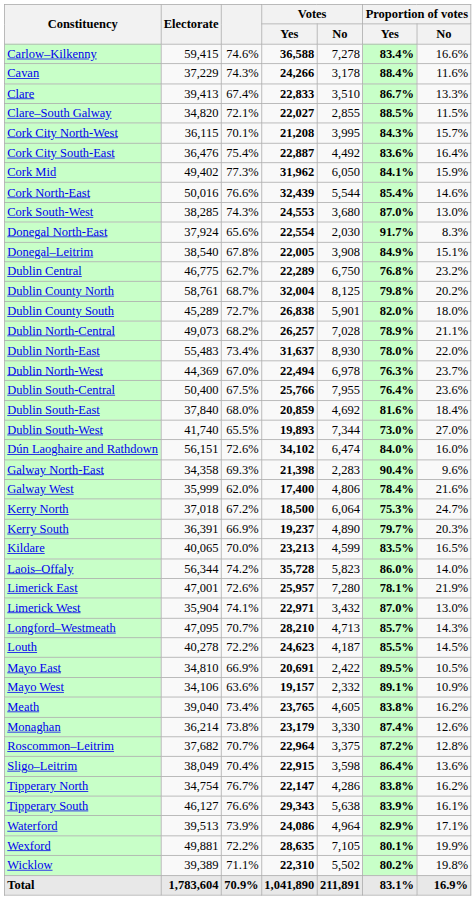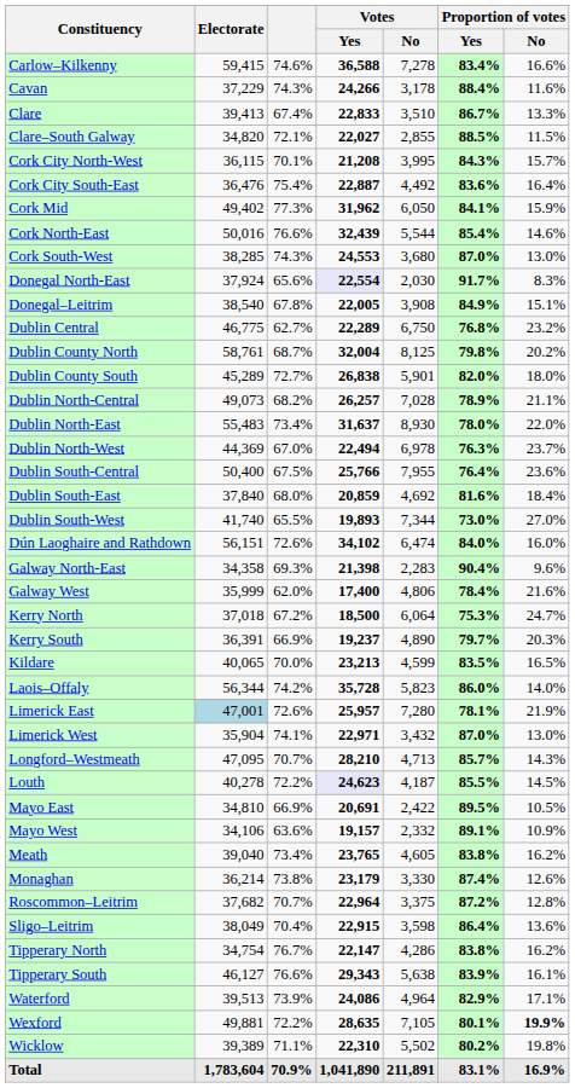 <table class="wikitable sortable">
 <tr>
 <th rowspan=2>Constituency</th>
 <th rowspan=2>Electorate</th>
 <th rowspan=2></th>
 <th colspan=2>Votes</th>
 <th colspan=2>Proportion of votes</th>
 </tr>
 <tr>
 <th>Yes</th>
 <th>No</th>
 <th>Yes</th>
 <th>No</th>
 </tr>
 <tr>
 <td style="background:#c8ffc8;"><a href='#'>Carlow–Kilkenny</a></td>
 <td style="text-align: right;">59,415</td>
 <td style="text-align: right;">74.6%</td>
 <td style="text-align: right;"><strong>36,588</strong></td>
 <td style="text-align: right;">7,278</td>
 <td style="text-align: right; background:#c8ffc8;"><strong>83.4%</strong></td>
 <td style="text-align: right;">16.6%</td>
 </tr>
 <tr>
 <td style="background:#c8ffc8;"><a href='#'>Cavan</a></td>
 <td style="text-align: right;">37,229</td>
 <td style="text-align: right;">74.3%</td>
 <td style="text-align: right;"><strong>24,266</strong></td>
 <td style="text-align: right;">3,178</td>
 <td style="text-align: right; background:#c8ffc8;"><strong>88.4%</strong></td>
 <td style="text-align: right;">11.6%</td>
 </tr>
 <tr>
 <td style="background:#c8ffc8;"><a href='#'>Clare</a></td>
 <td style="text-align: right;">39,413</td>
 <td style="text-align: right;">67.4%</td>
 <td style="text-align: right;"><strong>22,833</strong></td>
 <td style="text-align: right;">3,510</td>
 <td style="text-align: right; background:#c8ffc8;"><strong>86.7%</strong></td>
 <td style="text-align: right;">13.3%</td>
 </tr>
 <tr>
 <td style="background:#c8ffc8;"><a href='#'>Clare–South Galway</a></td>
 <td style="text-align: right;">34,820</td>
 <td style="text-align: right;">72.1%</td>
 <td style="text-align: right;"><strong>22,027</strong></td>
 <td style="text-align: right;">2,855</td>
 <td style="text-align: right; background:#c8ffc8;"><strong>88.5%</strong></td>
 <td style="text-align: right;">11.5%</td>
 </tr>
 <tr>
 <td style="background:#c8ffc8;"><a href='#'>Cork City North-West</a></td>
 <td style="text-align: right;">36,115</td>
 <td style="text-align: right;">70.1%</td>
 <td style="text-align: right;"><strong>21,208</strong></td>
 <td style="text-align: right;">3,995</td>
 <td style="text-align: right; background:#c8ffc8;"><strong>84.3%</strong></td>
 <td style="text-align: right;">15.7%</td>
 </tr>
 <tr>
 <td style="background:#c8ffc8;"><a href='#'>Cork City South-East</a></td>
 <td style="text-align: right;">36,476</td>
 <td style="text-align: right;">75.4%</td>
 <td style="text-align: right;"><strong>22,887</strong></td>
 <td style="text-align: right;">4,492</td>
 <td style="text-align: right; background:#c8ffc8;"><strong>83.6%</strong></td>
 <td style="text-align: right;">16.4%</td>
 </tr>
 <tr>
 <td style="background:#c8ffc8;"><a href='#'>Cork Mid</a></td>
 <td style="text-align: right;">49,402</td>
 <td style="text-align: right;">77.3%</td>
 <td style="text-align: right;"><strong>31,962</strong></td>
 <td style="text-align: right;">6,050</td>
 <td style="text-align: right; background:#c8ffc8;"><strong>84.1%</strong></td>
 <td style="text-align: right;">15.9%</td>
 </tr>
 <tr>
 <td style="background:#c8ffc8;"><a href='#'>Cork North-East</a></td>
 <td style="text-align: right;">50,016</td>
 <td style="text-align: right;">76.6%</td>
 <td style="text-align: right;"><strong>32,439</strong></td>
 <td style="text-align: right;">5,544</td>
 <td style="text-align: right; background:#c8ffc8;"><strong>85.4%</strong></td>
 <td style="text-align: right;">14.6%</td>
 </tr>
 <tr>
 <td style="background:#c8ffc8;"><a href='#'>Cork South-West</a></td>
 <td style="text-align: right;">38,285</td>
 <td style="text-align: right;">74.3%</td>
 <td style="text-align: right;"><strong>24,553</strong></td>
 <td style="text-align: right;">3,680</td>
 <td style="text-align: right; background:#c8ffc8;"><strong>87.0%</strong></td>
 <td style="text-align: right;">13.0%</td>
 </tr>
 <tr>
 <td style="background:#c8ffc8;"><a href='#'>Donegal North-East</a></td>
 <td style="text-align: right;">37,924</td>
 <td style="text-align: right;">65.6%</td>
-<td style="text-align: right;"><strong>22,554</strong></td>
+<td style="background: lavender; text-align: right;"><strong>22,554</strong></td>
 <td style="text-align: right;">2,030</td>
 <td style="text-align: right; background:#c8ffc8;"><strong>91.7%</strong></td>
 <td style="text-align: right;">8.3%</td>
 </tr>
 <tr>
 <td style="background:#c8ffc8;"><a href='#'>Donegal–Leitrim</a></td>
 <td style="text-align: right;">38,540</td>
 <td style="text-align: right;">67.8%</td>
 <td style="text-align: right;"><strong>22,005</strong></td>
 <td style="text-align: right;">3,908</td>
 <td style="text-align: right; background:#c8ffc8;"><strong>84.9%</strong></td>
 <td style="text-align: right;">15.1%</td>
 </tr>
 <tr>
 <td style="background:#c8ffc8;"><a href='#'>Dublin Central</a></td>
 <td style="text-align: right;">46,775</td>
 <td style="text-align: right;">62.7%</td>
 <td style="text-align: right;"><strong>22,289</strong></td>
 <td style="text-align: right;">6,750</td>
 <td style="text-align: right; background:#c8ffc8;"><strong>76.8%</strong></td>
 <td style="text-align: right;">23.2%</td>
 </tr>
 <tr>
 <td style="background:#c8ffc8;"><a href='#'>Dublin County North</a></td>
 <td style="text-align: right;">58,761</td>
 <td style="text-align: right;">68.7%</td>
 <td style="text-align: right;"><strong>32,004</strong></td>
 <td style="text-align: right;">8,125</td>
 <td style="text-align: right; background:#c8ffc8;"><strong>79.8%</strong></td>
 <td style="text-align: right;">20.2%</td>
 </tr>
 <tr>
 <td style="background:#c8ffc8;"><a href='#'>Dublin County South</a></td>
 <td style="text-align: right;">45,289</td>
 <td style="text-align: right;">72.7%</td>
 <td style="text-align: right;"><strong>26,838</strong></td>
 <td style="text-align: right;">5,901</td>
 <td style="text-align: right; background:#c8ffc8;"><strong>82.0%</strong></td>
 <td style="text-align: right;">18.0%</td>
 </tr>
 <tr>
 <td style="background:#c8ffc8;"><a href='#'>Dublin North-Central</a></td>
 <td style="text-align: right;">49,073</td>
 <td style="text-align: right;">68.2%</td>
 <td style="text-align: right;"><strong>26,257</strong></td>
 <td style="text-align: right;">7,028</td>
 <td style="text-align: right; background:#c8ffc8;"><strong>78.9%</strong></td>
 <td style="text-align: right;">21.1%</td>
 </tr>
 <tr>
 <td style="background:#c8ffc8;"><a href='#'>Dublin North-East</a></td>
 <td style="text-align: right;">55,483</td>
 <td style="text-align: right;">73.4%</td>
 <td style="text-align: right;"><strong>31,637</strong></td>
 <td style="text-align: right;">8,930</td>
 <td style="text-align: right; background:#c8ffc8;"><strong>78.0%</strong></td>
 <td style="text-align: right;">22.0%</td>
 </tr>
 <tr>
 <td style="background:#c8ffc8;"><a href='#'>Dublin North-West</a></td>
 <td style="text-align: right;">44,369</td>
 <td style="text-align: right;">67.0%</td>
 <td style="text-align: right;"><strong>22,494</strong></td>
 <td style="text-align: right;">6,978</td>
 <td style="text-align: right; background:#c8ffc8;"><strong>76.3%</strong></td>
 <td style="text-align: right;">23.7%</td>
 </tr>
 <tr>
 <td style="background:#c8ffc8;"><a href='#'>Dublin South-Central</a></td>
 <td style="text-align: right;">50,400</td>
 <td style="text-align: right;">67.5%</td>
 <td style="text-align: right;"><strong>25,766</strong></td>
 <td style="text-align: right;">7,955</td>
 <td style="text-align: right; background:#c8ffc8;"><strong>76.4%</strong></td>
 <td style="text-align: right;">23.6%</td>
 </tr>
 <tr>
 <td style="background:#c8ffc8;"><a href='#'>Dublin South-East</a></td>
 <td style="text-align: right;">37,840</td>
 <td style="text-align: right;">68.0%</td>
 <td style="text-align: right;"><strong>20,859</strong></td>
 <td style="text-align: right;">4,692</td>
 <td style="text-align: right; background:#c8ffc8;"><strong>81.6%</strong></td>
 <td style="text-align: right;">18.4%</td>
 </tr>
 <tr>
 <td style="background:#c8ffc8;"><a href='#'>Dublin South-West</a></td>
 <td style="text-align: right;">41,740</td>
 <td style="text-align: right;">65.5%</td>
 <td style="text-align: right;"><strong>19,893</strong></td>
 <td style="text-align: right;">7,344</td>
 <td style="text-align: right; background:#c8ffc8;"><strong>73.0%</strong></td>
 <td style="text-align: right;">27.0%</td>
 </tr>
 <tr>
 <td style="background:#c8ffc8;"><a href='#'>Dún Laoghaire and Rathdown</a></td>
 <td style="text-align: right;">56,151</td>
 <td style="text-align: right;">72.6%</td>
 <td style="text-align: right;"><strong>34,102</strong></td>
 <td style="text-align: right;">6,474</td>
 <td style="text-align: right; background:#c8ffc8;"><strong>84.0%</strong></td>
 <td style="text-align: right;">16.0%</td>
 </tr>
 <tr>
 <td style="background:#c8ffc8;"><a href='#'>Galway North-East</a></td>
 <td style="text-align: right;">34,358</td>
 <td style="text-align: right;">69.3%</td>
 <td style="text-align: right;"><strong>21,398</strong></td>
 <td style="text-align: right;">2,283</td>
 <td style="text-align: right; background:#c8ffc8;"><strong>90.4%</strong></td>
 <td style="text-align: right;">9.6%</td>
 </tr>
 <tr>
 <td style="background:#c8ffc8;"><a href='#'>Galway West</a></td>
 <td style="text-align: right;">35,999</td>
 <td style="text-align: right;">62.0%</td>
 <td style="text-align: right;"><strong>17,400</strong></td>
 <td style="text-align: right;">4,806</td>
 <td style="text-align: right; background:#c8ffc8;"><strong>78.4%</strong></td>
 <td style="text-align: right;">21.6%</td>
 </tr>
 <tr>
 <td style="background:#c8ffc8;"><a href='#'>Kerry North</a></td>
 <td style="text-align: right;">37,018</td>
 <td style="text-align: right;">67.2%</td>
 <td style="text-align: right;"><strong>18,500</strong></td>
 <td style="text-align: right;">6,064</td>
 <td style="text-align: right; background:#c8ffc8;"><strong>75.3%</strong></td>
 <td style="text-align: right;">24.7%</td>
 </tr>
 <tr>
 <td style="background:#c8ffc8;"><a href='#'>Kerry South</a></td>
 <td style="text-align: right;">36,391</td>
 <td style="text-align: right;">66.9%</td>
 <td style="text-align: right;"><strong>19,237</strong></td>
 <td style="text-align: right;">4,890</td>
 <td style="text-align: right; background:#c8ffc8;"><strong>79.7%</strong></td>
 <td style="text-align: right;">20.3%</td>
 </tr>
 <tr>
 <td style="background:#c8ffc8;"><a href='#'>Kildare</a></td>
 <td style="text-align: right;">40,065</td>
 <td style="text-align: right;">70.0%</td>
 <td style="text-align: right;"><strong>23,213</strong></td>
 <td style="text-align: right;">4,599</td>
 <td style="text-align: right; background:#c8ffc8;"><strong>83.5%</strong></td>
 <td style="text-align: right;">16.5%</td>
 </tr>
 <tr>
 <td style="background:#c8ffc8;"><a href='#'>Laois–Offaly</a></td>
 <td style="text-align: right;">56,344</td>
 <td style="text-align: right;">74.2%</td>
 <td style="text-align: right;"><strong>35,728</strong></td>
 <td style="text-align: right;">5,823</td>
 <td style="text-align: right; background:#c8ffc8;"><strong>86.0%</strong></td>
 <td style="text-align: right;">14.0%</td>
 </tr>
 <tr>
 <td style="background:#c8ffc8;"><a href='#'>Limerick East</a></td>
-<td style="text-align: right;">47,001</td>
+<td style="background: lightblue; text-align: right;">47,001</td>
 <td style="text-align: right;">72.6%</td>
 <td style="text-align: right;"><strong>25,957</strong></td>
 <td style="text-align: right;">7,280</td>
 <td style="text-align: right; background:#c8ffc8;"><strong>78.1%</strong></td>
 <td style="text-align: right;">21.9%</td>
 </tr>
 <tr>
 <td style="background:#c8ffc8;"><a href='#'>Limerick West</a></td>
 <td style="text-align: right;">35,904</td>
 <td style="text-align: right;">74.1%</td>
 <td style="text-align: right;"><strong>22,971</strong></td>
 <td style="text-align: right;">3,432</td>
 <td style="text-align: right; background:#c8ffc8;"><strong>87.0%</strong></td>
 <td style="text-align: right;">13.0%</td>
 </tr>
 <tr>
 <td style="background:#c8ffc8;"><a href='#'>Longford–Westmeath</a></td>
 <td style="text-align: right;">47,095</td>
 <td style="text-align: right;">70.7%</td>
 <td style="text-align: right;"><strong>28,210</strong></td>
 <td style="text-align: right;">4,713</td>
 <td style="text-align: right; background:#c8ffc8;"><strong>85.7%</strong></td>
 <td style="text-align: right;">14.3%</td>
 </tr>
 <tr>
 <td style="background:#c8ffc8;"><a href='#'>Louth</a></td>
 <td style="text-align: right;">40,278</td>
 <td style="text-align: right;">72.2%</td>
-<td style="text-align: right;"><strong>24,623</strong></td>
+<td style="background: lavender; text-align: right;"><strong>24,623</strong></td>
 <td style="text-align: right;">4,187</td>
 <td style="text-align: right; background:#c8ffc8;"><strong>85.5%</strong></td>
 <td style="text-align: right;">14.5%</td>
 </tr>
 <tr>
 <td style="background:#c8ffc8;"><a href='#'>Mayo East</a></td>
 <td style="text-align: right;">34,810</td>
 <td style="text-align: right;">66.9%</td>
 <td style="text-align: right;"><strong>20,691</strong></td>
 <td style="text-align: right;">2,422</td>
 <td style="text-align: right; background:#c8ffc8;"><strong>89.5%</strong></td>
 <td style="text-align: right;">10.5%</td>
 </tr>
 <tr>
 <td style="background:#c8ffc8;"><a href='#'>Mayo West</a></td>
 <td style="text-align: right;">34,106</td>
 <td style="text-align: right;">63.6%</td>
 <td style="text-align: right;"><strong>19,157</strong></td>
 <td style="text-align: right;">2,332</td>
 <td style="text-align: right; background:#c8ffc8;"><strong>89.1%</strong></td>
 <td style="text-align: right;">10.9%</td>
 </tr>
 <tr>
 <td style="background:#c8ffc8;"><a href='#'>Meath</a></td>
 <td style="text-align: right;">39,040</td>
 <td style="text-align: right;">73.4%</td>
 <td style="text-align: right;"><strong>23,765</strong></td>
 <td style="text-align: right;">4,605</td>
 <td style="text-align: right; background:#c8ffc8;"><strong>83.8%</strong></td>
 <td style="text-align: right;">16.2%</td>
 </tr>
 <tr>
 <td style="background:#c8ffc8;"><a href='#'>Monaghan</a></td>
 <td style="text-align: right;">36,214</td>
 <td style="text-align: right;">73.8%</td>
 <td style="text-align: right;"><strong>23,179</strong></td>
 <td style="text-align: right;">3,330</td>
 <td style="text-align: right; background:#c8ffc8;"><strong>87.4%</strong></td>
 <td style="text-align: right;">12.6%</td>
 </tr>
 <tr>
 <td style="background:#c8ffc8;"><a href='#'>Roscommon–Leitrim</a></td>
 <td style="text-align: right;">37,682</td>
 <td style="text-align: right;">70.7%</td>
 <td style="text-align: right;"><strong>22,964</strong></td>
 <td style="text-align: right;">3,375</td>
 <td style="text-align: right; background:#c8ffc8;"><strong>87.2%</strong></td>
 <td style="text-align: right;">12.8%</td>
 </tr>
 <tr>
 <td style="background:#c8ffc8;"><a href='#'>Sligo–Leitrim</a></td>
 <td style="text-align: right;">38,049</td>
 <td style="text-align: right;">70.4%</td>
 <td style="text-align: right;"><strong>22,915</strong></td>
 <td style="text-align: right;">3,598</td>
 <td style="text-align: right; background:#c8ffc8;"><strong>86.4%</strong></td>
 <td style="text-align: right;">13.6%</td>
 </tr>
 <tr>
 <td style="background:#c8ffc8;"><a href='#'>Tipperary North</a></td>
 <td style="text-align: right;">34,754</td>
 <td style="text-align: right;">76.7%</td>
 <td style="text-align: right;"><strong>22,147</strong></td>
 <td style="text-align: right;">4,286</td>
 <td style="text-align: right; background:#c8ffc8;"><strong>83.8%</strong></td>
 <td style="text-align: right;">16.2%</td>
 </tr>
 <tr>
 <td style="background:#c8ffc8;"><a href='#'>Tipperary South</a></td>
 <td style="text-align: right;">46,127</td>
 <td style="text-align: right;">76.6%</td>
 <td style="text-align: right;"><strong>29,343</strong></td>
 <td style="text-align: right;">5,638</td>
 <td style="text-align: right; background:#c8ffc8;"><strong>83.9%</strong></td>
 <td style="text-align: right;">16.1%</td>
 </tr>
 <tr>
 <td style="background:#c8ffc8;"><a href='#'>Waterford</a></td>
 <td style="text-align: right;">39,513</td>
 <td style="text-align: right;">73.9%</td>
 <td style="text-align: right;"><strong>24,086</strong></td>
 <td style="text-align: right;">4,964</td>
 <td style="text-align: right; background:#c8ffc8;"><strong>82.9%</strong></td>
 <td style="text-align: right;">17.1%</td>
 </tr>
 <tr>
 <td style="background:#c8ffc8;"><a href='#'>Wexford</a></td>
 <td style="text-align: right;">49,881</td>
 <td style="text-align: right;">72.2%</td>
 <td style="text-align: right;"><strong>28,635</strong></td>
 <td style="text-align: right;">7,105</td>
 <td style="text-align: right; background:#c8ffc8;"><strong>80.1%</strong></td>
-<td style="text-align: right;">19.9%</td>
+<td style="text-align: right;"><strong>19.9%</strong></td>
 </tr>
 <tr>
 <td style="background:#c8ffc8;"><a href='#'>Wicklow</a></td>
 <td style="text-align: right;">39,389</td>
 <td style="text-align: right;">71.1%</td>
 <td style="text-align: right;"><strong>22,310</strong></td>
 <td style="text-align: right;">5,502</td>
 <td style="text-align: right; background:#c8ffc8;"><strong>80.2%</strong></td>
 <td style="text-align: right;">19.8%</td>
 </tr>
 <tr class="sortbottom" style="font-weight:bold; background:rgb(232,232,232);">
 <td>Total</td>
 <td style="text-align: right;">1,783,604</td>
 <td style="text-align: right;">70.9%</td>
 <td style="text-align: right;">1,041,890</td>
 <td style="text-align: right;">211,891</td>
 <td style="text-align: right;">83.1%</td>
 <td style="text-align: right;">16.9%</td>
 </tr>
 </table>
